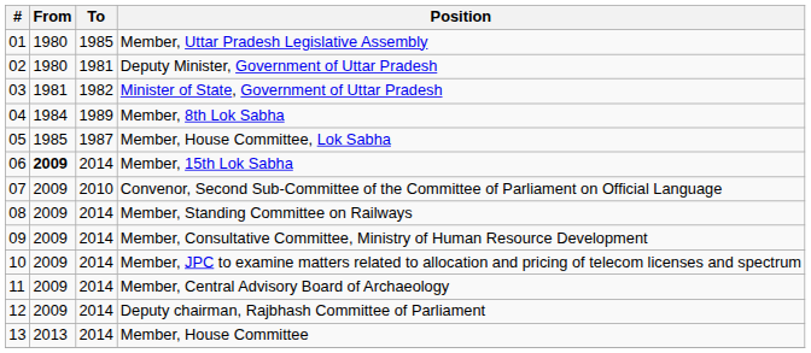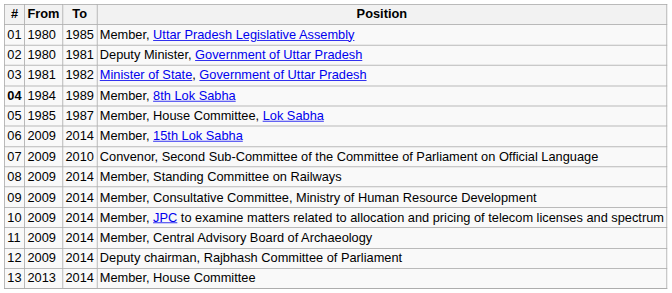 <table class="wikitable sortable">
 <tr>
 <th>#</th>
 <th>From</th>
 <th>To</th>
 <th>Position</th>
 </tr>
 <tr>
 <td>01</td>
 <td>1980</td>
 <td>1985</td>
 <td>Member, <a href='#'>Uttar Pradesh Legislative Assembly</a></td>
 </tr>
 <tr>
 <td>02</td>
 <td>1980</td>
 <td>1981</td>
 <td>Deputy Minister, <a href='#'>Government of Uttar Pradesh</a></td>
 </tr>
 <tr>
 <td>03</td>
 <td>1981</td>
 <td>1982</td>
 <td><a href='#'>Minister of State</a>, <a href='#'>Government of Uttar Pradesh</a></td>
 </tr>
 <tr>
-<td>04</td>
+<td><strong>04</strong></td>
 <td>1984</td>
 <td>1989</td>
 <td>Member, <a href='#'>8th Lok Sabha</a></td>
 </tr>
 <tr>
 <td>05</td>
 <td>1985</td>
 <td>1987</td>
 <td>Member, House Committee, <a href='#'>Lok Sabha</a></td>
 </tr>
 <tr>
 <td>06</td>
-<td><strong>2009</strong></td>
+<td>2009</td>
 <td>2014</td>
 <td>Member, <a href='#'>15th Lok Sabha</a></td>
 </tr>
 <tr>
 <td>07</td>
 <td>2009</td>
 <td>2010</td>
 <td>Convenor, Second Sub-Committee of the Committee of Parliament on Official Language</td>
 </tr>
 <tr>
 <td>08</td>
 <td>2009</td>
 <td>2014</td>
 <td>Member, Standing Committee on Railways</td>
 </tr>
 <tr>
 <td>09</td>
 <td>2009</td>
 <td>2014</td>
 <td>Member, Consultative Committee, Ministry of Human Resource Development</td>
 </tr>
 <tr>
 <td>10</td>
 <td>2009</td>
 <td>2014</td>
 <td>Member, <a href='#'>JPC</a> to examine matters related to allocation and pricing of telecom licenses and spectrum</td>
 </tr>
 <tr>
 <td>11</td>
 <td>2009</td>
 <td>2014</td>
 <td>Member, Central Advisory Board of Archaeology</td>
 </tr>
 <tr>
 <td>12</td>
 <td>2009</td>
 <td>2014</td>
 <td>Deputy chairman, Rajbhash Committee of Parliament</td>
 </tr>
 <tr>
 <td>13</td>
 <td>2013</td>
 <td>2014</td>
 <td>Member, House Committee</td>
 </tr>
 <tr>
 </tr>
 </table>
